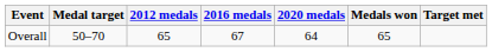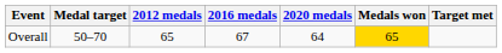 <table class="wikitable">
 <tr>
 <th>Event</th>
 <th>Medal target</th>
 <th><a href='#'>2012 medals</a></th>
 <th><a href='#'>2016 medals</a></th>
 <th><a href='#'>2020 medals</a></th>
 <th>Medals won</th>
 <th>Target met</th>
 </tr>
 <tr align=center>
 <td>Overall</td>
 <td>50–70</td>
 <td>65</td>
 <td>67</td>
 <td>64</td>
-<td>65</td>
+<td style="background: gold;">65</td>
 <td></td>
 </tr>
 </table>
